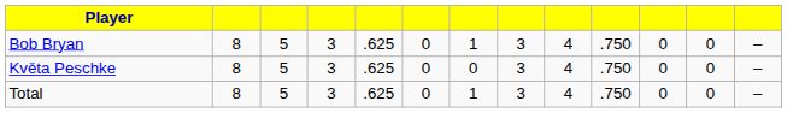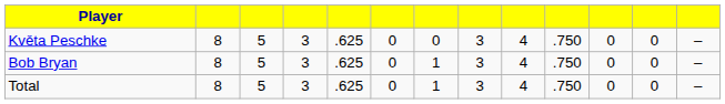 <table class="wikitable" style="text-align:center">
 <tr>
 <th style="background:yellow; color:#00009C" width="200px">Player</th>
 <th style="background:yellow; color:#00009C" width="40px"></th>
 <th style="background:yellow; color:#00009C" width="40px"></th>
 <th style="background:yellow; color:#00009C" width="40px"></th>
 <th style="background:yellow; color:#00009C" width="40px"></th>
 <th style="background:yellow; color:#00009C" width="40px"></th>
 <th style="background:yellow; color:#00009C" width="40px"></th>
 <th style="background:yellow; color:#00009C" width="40px"></th>
 <th style="background:yellow; color:#00009C" width="40px"></th>
 <th style="background:yellow; color:#00009C" width="40px"></th>
 <th style="background:yellow; color:#00009C" width="40px"></th>
 <th style="background:yellow; color:#00009C" width="40px"></th>
 <th style="background:yellow; color:#00009C" width="40px"></th>
 </tr>
 <tr>
-<td style="text-align:left"><a href='#'>Bob Bryan</a></td>
+<td style="text-align:left"><a href='#'>Květa Peschke</a></td>
 <td>8</td>
 <td>5</td>
 <td>3</td>
 <td>.625</td>
 <td>0</td>
-<td>1</td>
+<td>0</td>
 <td>3</td>
 <td>4</td>
 <td>.750</td>
 <td>0</td>
 <td>0</td>
 <td>–</td>
 </tr>
 <tr>
-<td style="text-align:left"><a href='#'>Květa Peschke</a></td>
+<td style="text-align:left"><a href='#'>Bob Bryan</a></td>
 <td>8</td>
 <td>5</td>
 <td>3</td>
 <td>.625</td>
 <td>0</td>
-<td>0</td>
+<td>1</td>
 <td>3</td>
 <td>4</td>
 <td>.750</td>
 <td>0</td>
 <td>0</td>
 <td>–</td>
 </tr>
 <tr>
 <td style="text-align:left">Total</td>
 <td>8</td>
 <td>5</td>
 <td>3</td>
 <td>.625</td>
 <td>0</td>
 <td>1</td>
 <td>3</td>
 <td>4</td>
 <td>.750</td>
 <td>0</td>
 <td>0</td>
 <td>–</td>
 </tr>
 </table>
